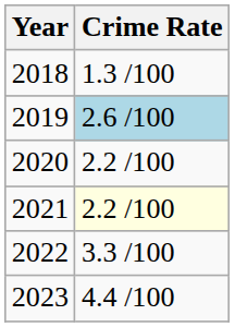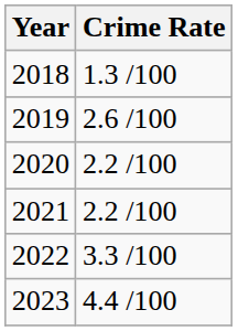 <table class="wikitable">
 <tr>
 <th>Year</th>
 <th>Crime Rate</th>
 </tr>
 <tr>
 <td>2018</td>
 <td>1.3   /100</td>
 </tr>
 <tr>
 <td>2019</td>
-<td style="background: lightblue;">2.6   /100</td>
+<td>2.6   /100</td>
 </tr>
 <tr>
 <td>2020</td>
 <td>2.2   /100</td>
 </tr>
 <tr>
 <td>2021</td>
-<td style="background: lightyellow;">2.2   /100</td>
+<td>2.2   /100</td>
 </tr>
 <tr>
 <td>2022</td>
 <td>3.3   /100</td>
 </tr>
 <tr>
 <td>2023</td>
 <td>4.4   /100</td>
 </tr>
 </table>
